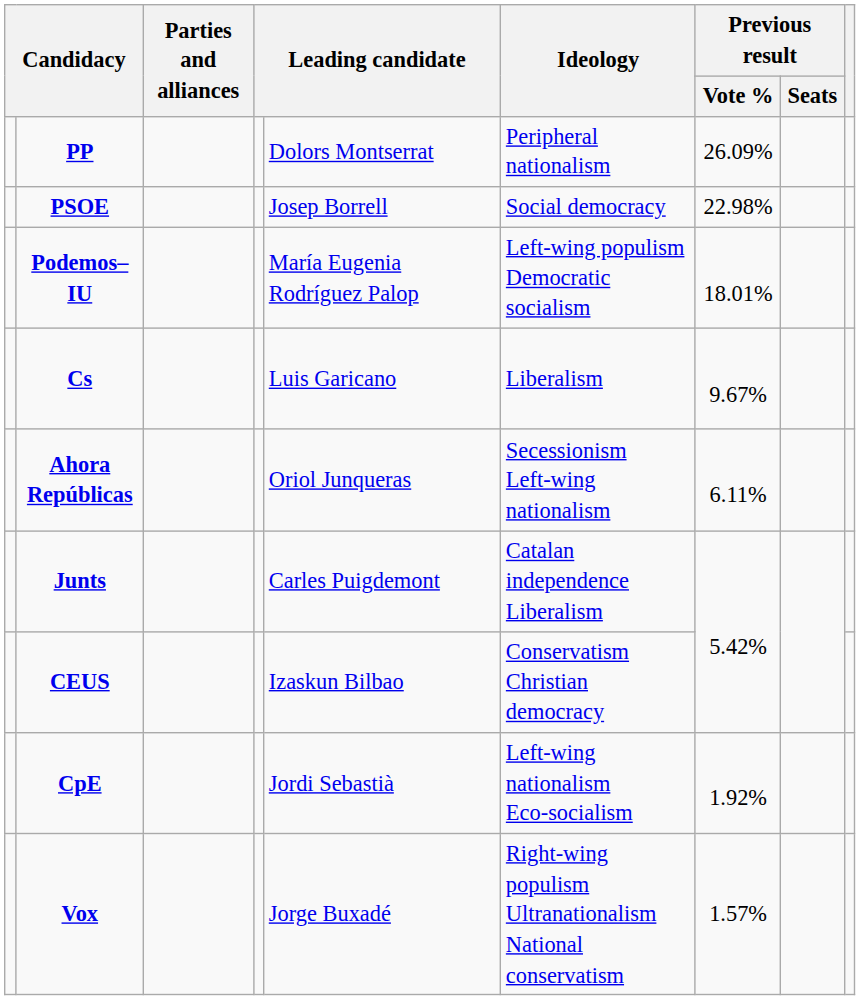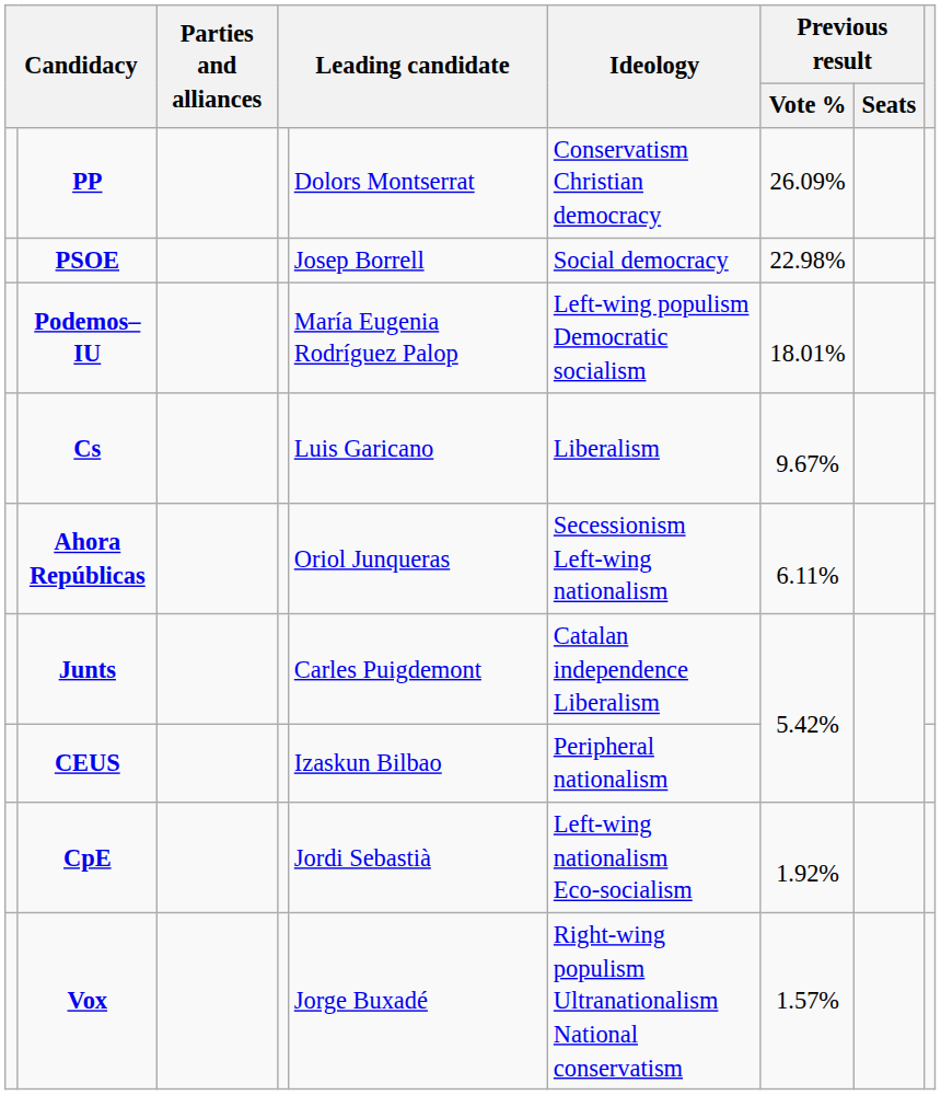 <table class="wikitable" style="line-height:1.35em; text-align:left;">
 <tr>
 <th colspan="2" rowspan="2">Candidacy</th>
 <th rowspan="2">Parties and<br>alliances</th>
 <th colspan="2" rowspan="2">Leading candidate</th>
 <th rowspan="2">Ideology</th>
 <th colspan="2">Previous result</th>
 <th rowspan="2"></th>
 </tr>
 <tr>
 <th>Vote %</th>
 <th>Seats</th>
 </tr>
 <tr>
 <td width="1" style="color:inherit;background:"></td>
 <td align="center"><strong><a href='#'>PP</a></strong></td>
 <td></td>
 <td></td>
 <td><a href='#'>Dolors Montserrat</a></td>
-<td><a href='#'>Peripheral nationalism</a></td>
+<td><a href='#'>Conservatism</a><br><a href='#'>Christian democracy</a></td>
 <td align="center">26.09%</td>
 <td></td>
 <td></td>
 </tr>
 <tr>
 <td style="color:inherit;background:"></td>
 <td align="center"><strong><a href='#'>PSOE</a></strong></td>
 <td></td>
 <td></td>
 <td><a href='#'>Josep Borrell</a></td>
 <td><a href='#'>Social democracy</a></td>
 <td align="center">22.98%</td>
 <td></td>
 <td></td>
 </tr>
 <tr>
 <td style="color:inherit;background:"></td>
 <td align="center"><strong><a href='#'>Podemos–IU</a></strong></td>
 <td></td>
 <td></td>
 <td><a href='#'>María Eugenia Rodríguez Palop</a></td>
 <td><a href='#'>Left-wing populism</a><br><a href='#'>Democratic socialism</a></td>
 <td align="center"><br>18.01%<br></td>
 <td></td>
 <td><br><br></td>
 </tr>
 <tr>
 <td style="color:inherit;background:"></td>
 <td align="center"><strong><a href='#'>Cs</a></strong></td>
 <td></td>
 <td></td>
 <td><a href='#'>Luis Garicano</a></td>
 <td><a href='#'>Liberalism</a></td>
 <td align="center"><br>9.67%<br></td>
 <td></td>
 <td><br><br><br></td>
 </tr>
 <tr>
 <td style="color:inherit;background:"></td>
 <td align="center"><strong><a href='#'>Ahora<br>Repúblicas</a></strong></td>
 <td></td>
 <td></td>
 <td><a href='#'>Oriol Junqueras</a></td>
 <td><a href='#'>Secessionism</a><br><a href='#'>Left-wing nationalism</a></td>
 <td align="center"><br>6.11%<br></td>
 <td></td>
 <td></td>
 </tr>
 <tr>
 <td style="color:inherit;background:"></td>
 <td align="center"><strong><a href='#'>Junts</a></strong></td>
 <td></td>
 <td></td>
 <td><a href='#'>Carles Puigdemont</a></td>
 <td><a href='#'>Catalan independence</a><br><a href='#'>Liberalism</a></td>
 <td rowspan="2" align="center"><br>5.42%<br></td>
 <td rowspan="2"></td>
 <td><br></td>
 </tr>
 <tr>
 <td style="color:inherit;background:"></td>
 <td align="center"><strong><a href='#'>CEUS</a></strong></td>
 <td></td>
 <td></td>
 <td><a href='#'>Izaskun Bilbao</a></td>
-<td><a href='#'>Conservatism</a><br><a href='#'>Christian democracy</a></td>
+<td><a href='#'>Peripheral nationalism</a></td>
 <td></td>
 </tr>
 <tr>
 <td></td>
 <td align="center"><strong><a href='#'>CpE</a></strong></td>
 <td></td>
 <td></td>
 <td><a href='#'>Jordi Sebastià</a></td>
 <td><a href='#'>Left-wing nationalism</a><br><a href='#'>Eco-socialism</a></td>
 <td align="center"><br>1.92%<br></td>
 <td></td>
 <td><br></td>
 </tr>
 <tr>
 <td style="color:inherit;background:"></td>
 <td align="center"><strong><a href='#'>Vox</a></strong></td>
 <td></td>
 <td></td>
 <td><a href='#'>Jorge Buxadé</a></td>
 <td><a href='#'>Right-wing populism</a><br><a href='#'>Ultranationalism</a><br><a href='#'>National conservatism</a></td>
 <td align="center">1.57%</td>
 <td></td>
 <td></td>
 </tr>
 </table>
